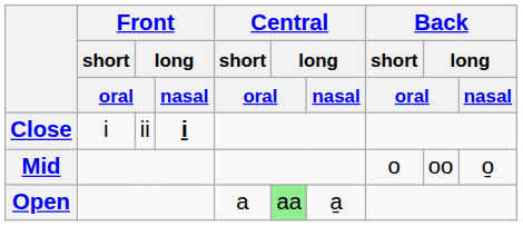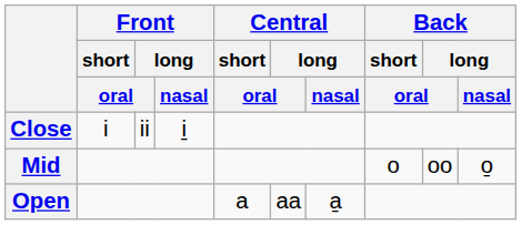 <table class="wikitable">
 <tr>
 <th rowspan=3> </th>
 <th colspan=3><a href='#'>Front</a></th>
 <th colspan=3><a href='#'>Central</a></th>
 <th colspan=3><a href='#'>Back</a></th>
 </tr>
 <tr align=center>
 <th><small>short</small></th>
 <th colspan=2><small>long</small></th>
 <th><small>short</small></th>
 <th colspan=2><small>long</small></th>
 <th><small>short</small></th>
 <th colspan=2><small>long</small></th>
 </tr>
 <tr align=center>
 <th colspan=2><small><a href='#'>oral</a></small></th>
 <th><small><a href='#'>nasal</a></small></th>
 <th colspan=2><small><a href='#'>oral</a></small></th>
 <th><small><a href='#'>nasal</a></small></th>
 <th colspan=2><small><a href='#'>oral</a></small></th>
 <th><small><a href='#'>nasal</a></small></th>
 </tr>
 <tr align=center>
 <th><a href='#'>Close</a></th>
 <td>i </td>
 <td>ii </td>
-<td><strong>i̱ </strong></td>
+<td>i̱ </td>
 <td colspan="3"> </td>
 <td colspan="3"> </td>
 </tr>
 <tr align=center>
 <th><a href='#'>Mid</a></th>
 <td colspan="3"> </td>
 <td colspan="3"> </td>
 <td>o </td>
 <td>oo </td>
 <td>o̱ </td>
 </tr>
 <tr align=center>
 <th><a href='#'>Open</a></th>
 <td colspan="3"> </td>
 <td>a </td>
-<td style="background: lightgreen;">aa </td>
+<td>aa </td>
 <td>a̱ </td>
 <td colspan="3"> </td>
 </tr>
 </table>
